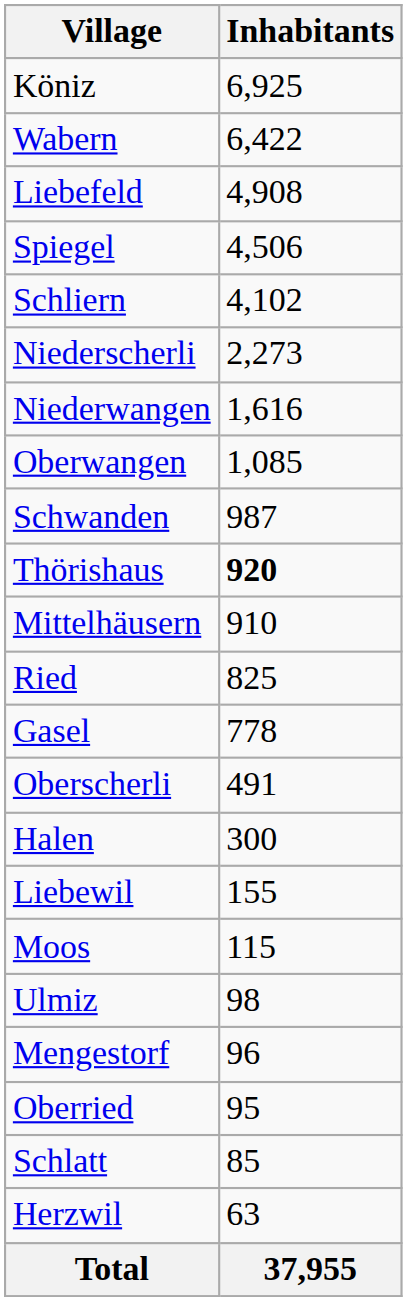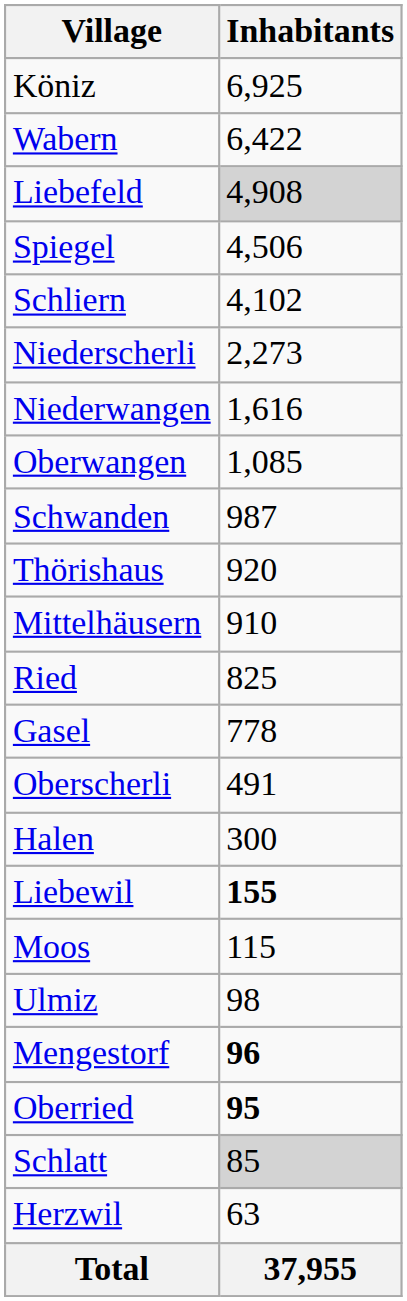 <table class="wikitable sortable">
 <tr>
 <th>Village</th>
 <th>Inhabitants</th>
 </tr>
 <tr>
 <td>Köniz</td>
 <td>6,925</td>
 </tr>
 <tr>
 <td><a href='#'>Wabern</a></td>
 <td>6,422</td>
 </tr>
 <tr>
 <td><a href='#'>Liebefeld</a></td>
-<td>4,908</td>
+<td style="background: lightgrey;">4,908</td>
 </tr>
 <tr>
 <td><a href='#'>Spiegel</a></td>
 <td>4,506</td>
 </tr>
 <tr>
 <td><a href='#'>Schliern</a></td>
 <td>4,102</td>
 </tr>
 <tr>
 <td><a href='#'>Niederscherli</a></td>
 <td>2,273</td>
 </tr>
 <tr>
 <td><a href='#'>Niederwangen</a></td>
 <td>1,616</td>
 </tr>
 <tr>
 <td><a href='#'>Oberwangen</a></td>
 <td>1,085</td>
 </tr>
 <tr>
 <td><a href='#'>Schwanden</a></td>
 <td>987</td>
 </tr>
 <tr>
 <td><a href='#'>Thörishaus</a></td>
-<td><strong>920</strong></td>
+<td>920</td>
 </tr>
 <tr>
 <td><a href='#'>Mittelhäusern</a></td>
 <td>910</td>
 </tr>
 <tr>
 <td><a href='#'>Ried</a></td>
 <td>825</td>
 </tr>
 <tr>
 <td><a href='#'>Gasel</a></td>
 <td>778</td>
 </tr>
 <tr>
 <td><a href='#'>Oberscherli</a></td>
 <td>491</td>
 </tr>
 <tr>
 <td><a href='#'>Halen</a></td>
 <td>300</td>
 </tr>
 <tr>
 <td><a href='#'>Liebewil</a></td>
-<td>155</td>
+<td><strong>155</strong></td>
 </tr>
 <tr>
 <td><a href='#'>Moos</a></td>
 <td>115</td>
 </tr>
 <tr>
 <td><a href='#'>Ulmiz</a></td>
 <td>98</td>
 </tr>
 <tr>
 <td><a href='#'>Mengestorf</a></td>
-<td>96</td>
+<td><strong>96</strong></td>
 </tr>
 <tr>
 <td><a href='#'>Oberried</a></td>
-<td>95</td>
+<td><strong>95</strong></td>
 </tr>
 <tr>
 <td><a href='#'>Schlatt</a></td>
-<td>85</td>
+<td style="background: lightgrey;">85</td>
 </tr>
 <tr>
 <td><a href='#'>Herzwil</a></td>
 <td>63</td>
 </tr>
 <tr>
 <th>Total</th>
 <th>37,955</th>
 </tr>
 </table>
